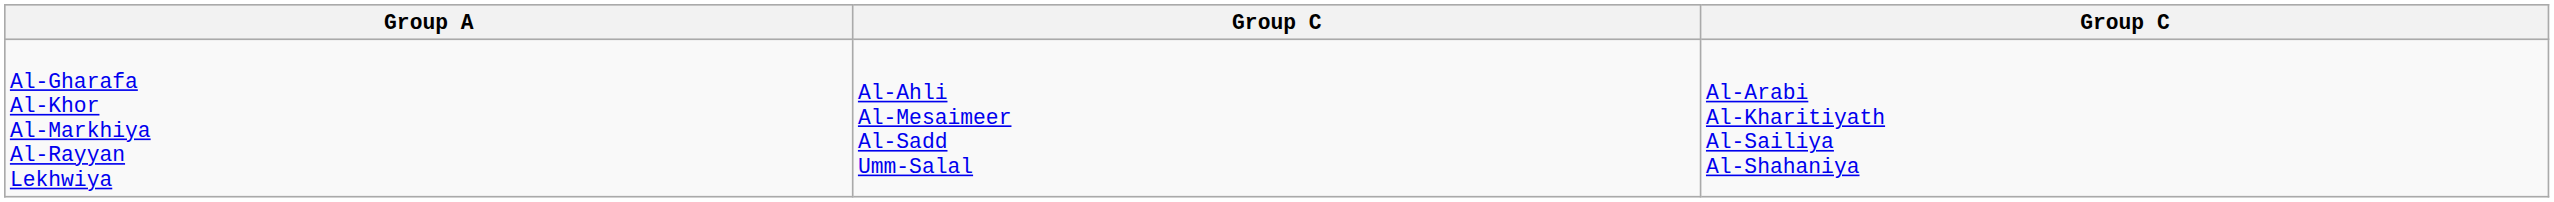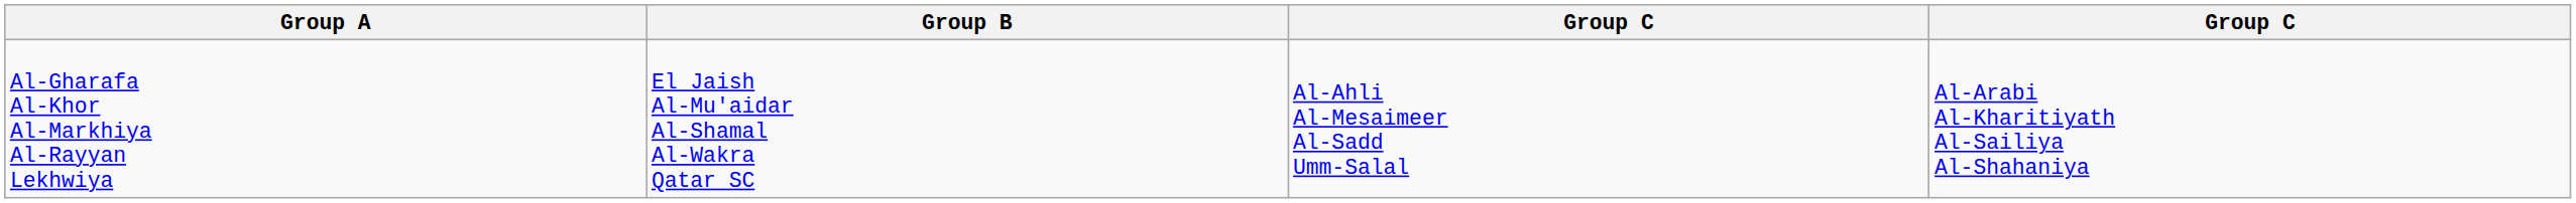 <table class="wikitable" width=98%>
 <tr>
 <th width=20%>Group A</th>
+<th width=20%>Group B</th>
 <th width=20%>Group C</th>
 <th width=20%>Group C</th>
 </tr>
 <tr>
 <td><br><a href='#'>Al-Gharafa</a> <br> <a href='#'>Al-Khor</a> <br> <a href='#'>Al-Markhiya</a> <br> <a href='#'>Al-Rayyan</a> <br> <a href='#'>Lekhwiya</a></td>
+<td><br><a href='#'>El Jaish</a><br> <a href='#'>Al-Mu'aidar</a>   <br> <a href='#'>Al-Shamal</a> <br> <a href='#'>Al-Wakra</a> <br> <a href='#'>Qatar SC</a> <br></td>
 <td><br><a href='#'>Al-Ahli</a> <br> <a href='#'>Al-Mesaimeer</a>  <br> <a href='#'>Al-Sadd</a> <br> <a href='#'>Umm-Salal</a> <br></td>
 <td><br><a href='#'>Al-Arabi</a> <br> <a href='#'>Al-Kharitiyath</a> <br> <a href='#'>Al-Sailiya</a> <br> <a href='#'>Al-Shahaniya</a>  <br></td>
 </tr>
 </table>
